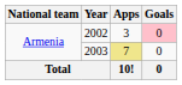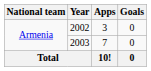 <table class="wikitable" style="text-align:center">
 <tr>
 <th>National team</th>
 <th>Year</th>
 <th>Apps</th>
 <th>Goals</th>
 </tr>
 <tr>
 <td rowspan="2"><a href='#'>Armenia</a></td>
 <td>2002</td>
 <td>3</td>
-<td style="background: pink;">0</td>
+<td>0</td>
 </tr>
 <tr>
 <td>2003</td>
-<td style="background: khaki;">7</td>
+<td>7</td>
 <td>0</td>
 </tr>
 <tr>
 <th colspan="2">Total</th>
 <th>10!</th>
 <th>0</th>
 </tr>
 </table>
